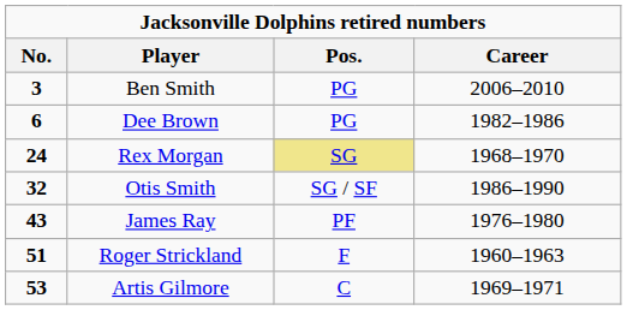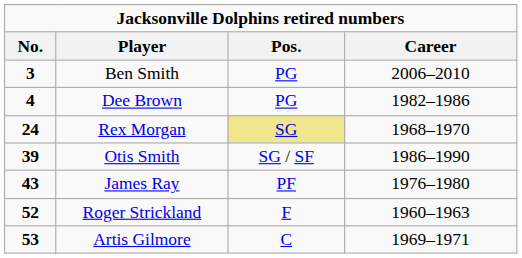 <table class="wikitable sortable" style="text-align:center">
 <tr>
 <td colspan="7"><strong>Jacksonville Dolphins retired numbers</strong></td>
 </tr>
 <tr>
 <th width=40px>No.</th>
 <th width=150px>Player</th>
 <th width=100px>Pos.</th>
 <th width=150px>Career</th>
 </tr>
 <tr>
 <td><strong>3</strong></td>
 <td>Ben Smith</td>
 <td><a href='#'>PG</a></td>
 <td>2006–2010</td>
 </tr>
 <tr>
-<td><strong>6</strong></td>
+<td><strong>4</strong></td>
 <td><a href='#'>Dee Brown</a></td>
 <td><a href='#'>PG</a></td>
 <td>1982–1986</td>
 </tr>
 <tr>
 <td><strong>24</strong></td>
 <td><a href='#'>Rex Morgan</a></td>
 <td style="background: khaki;"><a href='#'>SG</a></td>
 <td>1968–1970</td>
 </tr>
 <tr>
-<td><strong>32</strong></td>
+<td><strong>39</strong></td>
 <td><a href='#'>Otis Smith</a></td>
 <td><a href='#'>SG</a> / <a href='#'>SF</a></td>
 <td>1986–1990</td>
 </tr>
 <tr>
 <td><strong>43</strong></td>
 <td><a href='#'>James Ray</a></td>
 <td><a href='#'>PF</a></td>
 <td>1976–1980</td>
 </tr>
 <tr>
-<td><strong>51</strong></td>
+<td><strong>52</strong></td>
 <td><a href='#'>Roger Strickland</a></td>
 <td><a href='#'>F</a></td>
 <td>1960–1963</td>
 </tr>
 <tr>
 <td><strong>53</strong></td>
 <td><a href='#'>Artis Gilmore</a></td>
 <td><a href='#'>C</a></td>
 <td>1969–1971</td>
 </tr>
 </table>
